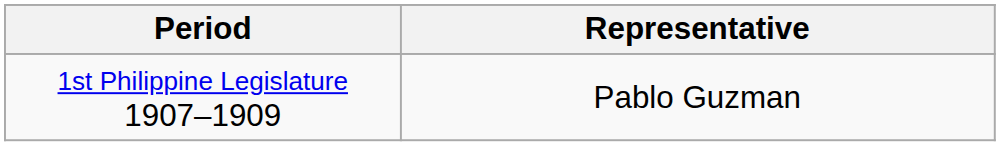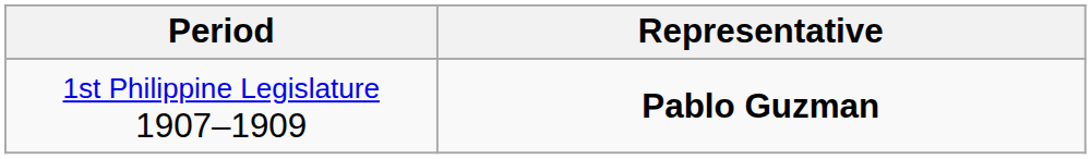 <table class="wikitable" style="text-align:center; width:40%;">
 <tr>
 <th width="40%">Period</th>
 <th>Representative</th>
 </tr>
 <tr>
 <td><small><a href='#'>1st Philippine Legislature</a></small><br>1907–1909</td>
-<td>Pablo Guzman</td>
+<td><strong>Pablo Guzman</strong></td>
 </tr>
 </table>
